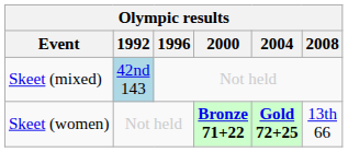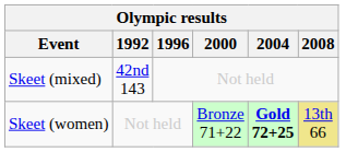 <table class="wikitable" style="text-align: center">
 <tr>
 <th colspan=6>Olympic results</th>
 </tr>
 <tr>
 <th>Event</th>
 <th>1992</th>
 <th>1996</th>
 <th>2000</th>
 <th>2004</th>
 <th>2008</th>
 </tr>
 <tr>
 <td align=left><a href='#'>Skeet</a> (mixed)</td>
-<td style="background: lightblue;"><a href='#'>42nd</a><br>143</td>
+<td><a href='#'>42nd</a><br>143</td>
 <td colspan=4 style="color: #cccccc">Not held</td>
 </tr>
 <tr>
 <td align=left><a href='#'>Skeet</a> (women)</td>
 <td colspan=2 style="color: #cccccc">Not held</td>
-<td style="background: #ccffcc"><strong> <a href='#'>Bronze</a><br>71+22</strong></td>
+<td style="background: #ccffcc"> <a href='#'>Bronze</a><br>71+22</td>
 <td style="background: #ccffcc"><strong> <a href='#'>Gold</a><br>72+25</strong></td>
-<td><a href='#'>13th</a><br>66</td>
+<td style="background: khaki;"><a href='#'>13th</a><br>66</td>
 </tr>
 </table>
